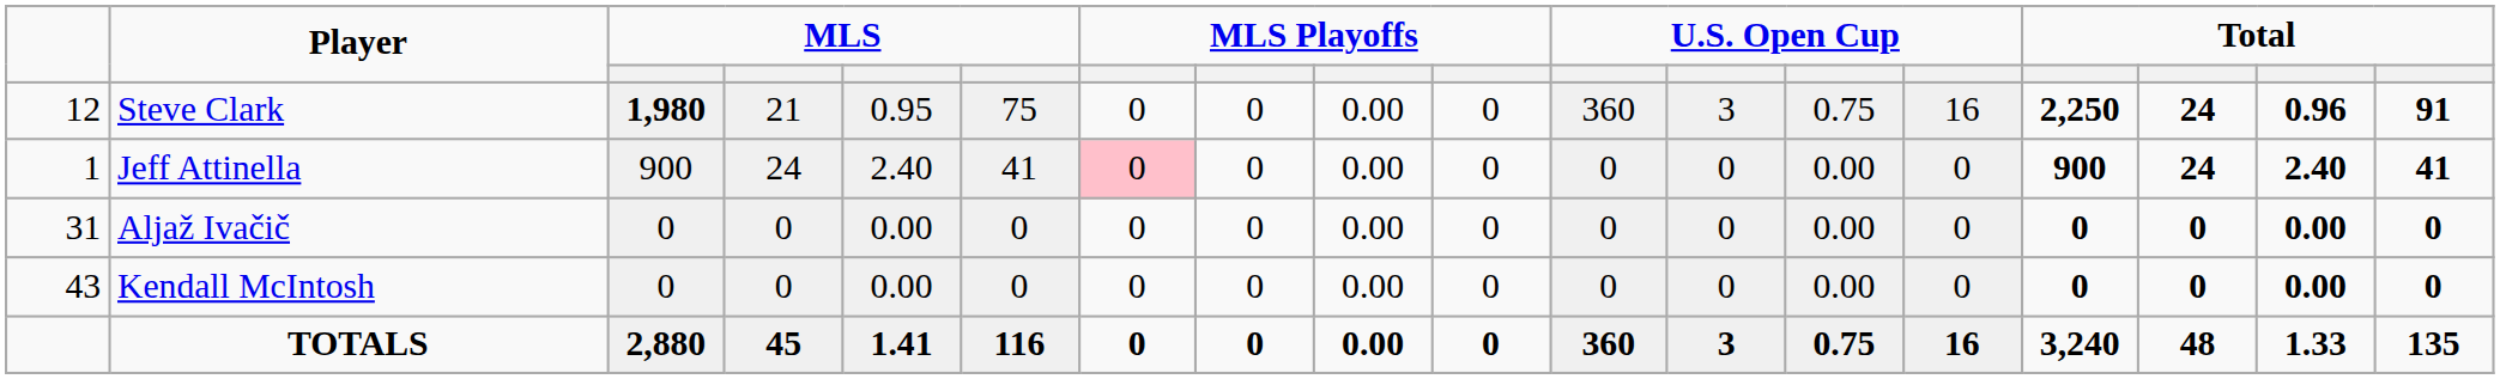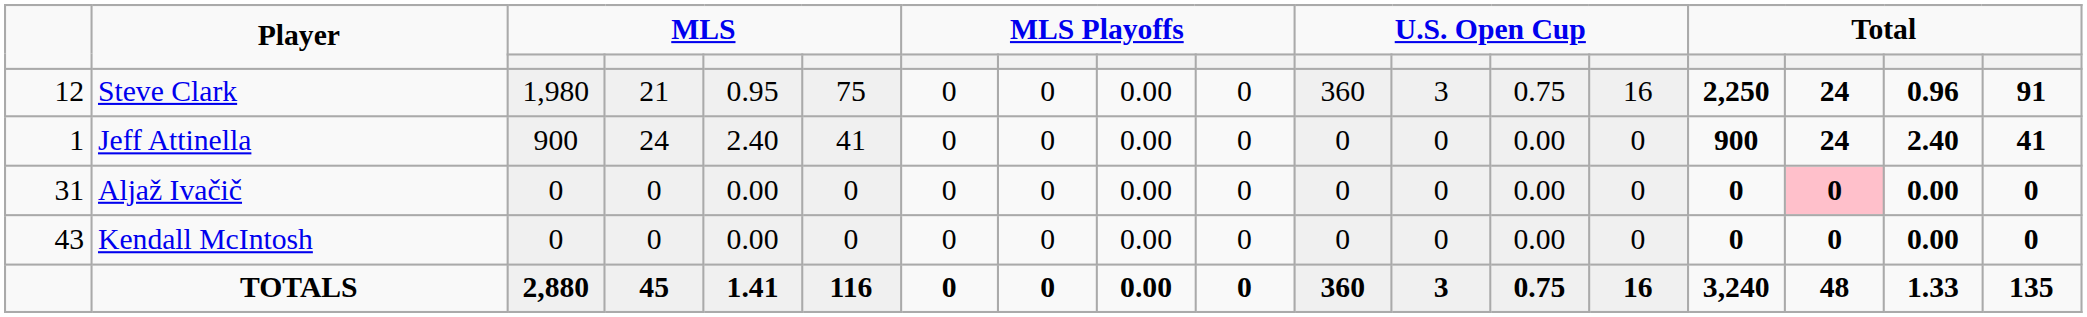 <table class="wikitable" style="font-size: 90%; text-align: center;">
 <tr>
 <td rowspan="2" style="width:35px; text-align:center;"><strong></strong></td>
 <td rowspan="2" style="width:195px; text-align:center;"><strong>Player</strong></td>
 <td colspan="4" style="text-align:center;"><strong><a href='#'>MLS</a></strong></td>
 <td colspan="4" style="text-align:center;"><strong><a href='#'>MLS Playoffs</a></strong></td>
 <td colspan="4" style="text-align:center;"><strong><a href='#'>U.S. Open Cup</a></strong></td>
 <td colspan="4" style="text-align:center;"><strong>Total</strong></td>
 </tr>
 <tr>
 <th width=41></th>
 <th width=41></th>
 <th width=41></th>
 <th width=41></th>
 <th width=41></th>
 <th width=41></th>
 <th width=41></th>
 <th width=41></th>
 <th width=41></th>
 <th width=41></th>
 <th width=41></th>
 <th width=41></th>
 <th width=41></th>
 <th width=41></th>
 <th width=41></th>
 <th width=41></th>
 </tr>
 <tr>
 <td style="text-align: right;">12</td>
 <td style="text-align: left;"> <a href='#'>Steve Clark</a></td>
-<td style="background: #F0F0F0;"><strong>1,980</strong></td>
+<td style="background: #F0F0F0;">1,980</td>
 <td style="background: #F0F0F0;">21</td>
 <td style="background: #F0F0F0;">0.95</td>
 <td style="background: #F0F0F0;">75</td>
 <td>0</td>
 <td>0</td>
 <td>0.00</td>
 <td>0</td>
 <td style="background: #F0F0F0;">360</td>
 <td style="background: #F0F0F0;">3</td>
 <td style="background: #F0F0F0;">0.75</td>
 <td style="background: #F0F0F0;">16</td>
 <td><strong>2,250</strong></td>
 <td><strong>24</strong></td>
 <td><strong>0.96</strong></td>
 <td><strong>91</strong></td>
 </tr>
 <tr>
 <td style="text-align: right;">1</td>
 <td style="text-align: left;"> <a href='#'>Jeff Attinella</a></td>
 <td style="background: #F0F0F0;">900</td>
 <td style="background: #F0F0F0;">24</td>
 <td style="background: #F0F0F0;">2.40</td>
 <td style="background: #F0F0F0;">41</td>
-<td style="background: pink;">0</td>
+<td>0</td>
 <td>0</td>
 <td>0.00</td>
 <td>0</td>
 <td style="background: #F0F0F0;">0</td>
 <td style="background: #F0F0F0;">0</td>
 <td style="background: #F0F0F0;">0.00</td>
 <td style="background: #F0F0F0;">0</td>
 <td><strong>900</strong></td>
 <td><strong>24</strong></td>
 <td><strong>2.40</strong></td>
 <td><strong>41</strong></td>
 </tr>
 <tr>
 <td style="text-align: right;">31</td>
 <td style="text-align: left;"> <a href='#'>Aljaž Ivačič</a></td>
 <td style="background: #F0F0F0;">0</td>
 <td style="background: #F0F0F0;">0</td>
 <td style="background: #F0F0F0;">0.00</td>
 <td style="background: #F0F0F0;">0</td>
 <td>0</td>
 <td>0</td>
 <td>0.00</td>
 <td>0</td>
 <td style="background: #F0F0F0;">0</td>
 <td style="background: #F0F0F0;">0</td>
 <td style="background: #F0F0F0;">0.00</td>
 <td style="background: #F0F0F0;">0</td>
 <td><strong>0</strong></td>
-<td><strong>0</strong></td>
+<td style="background: pink;"><strong>0</strong></td>
 <td><strong>0.00</strong></td>
 <td><strong>0</strong></td>
 </tr>
 <tr>
 <td style="text-align: right;">43</td>
 <td style="text-align: left;"> <a href='#'>Kendall McIntosh</a></td>
 <td style="background: #F0F0F0;">0</td>
 <td style="background: #F0F0F0;">0</td>
 <td style="background: #F0F0F0;">0.00</td>
 <td style="background: #F0F0F0;">0</td>
 <td>0</td>
 <td>0</td>
 <td>0.00</td>
 <td>0</td>
 <td style="background: #F0F0F0;">0</td>
 <td style="background: #F0F0F0;">0</td>
 <td style="background: #F0F0F0;">0.00</td>
 <td style="background: #F0F0F0;">0</td>
 <td><strong>0</strong></td>
 <td><strong>0</strong></td>
 <td><strong>0.00</strong></td>
 <td><strong>0</strong></td>
 </tr>
 <tr>
 <td></td>
 <td><strong>TOTALS</strong></td>
 <td style="background: #F0F0F0;"><strong>2,880</strong></td>
 <td style="background: #F0F0F0;"><strong>45</strong></td>
 <td style="background: #F0F0F0;"><strong>1.41</strong></td>
 <td style="background: #F0F0F0;"><strong>116</strong></td>
 <td><strong>0</strong></td>
 <td><strong>0</strong></td>
 <td><strong>0.00</strong></td>
 <td><strong>0</strong></td>
 <td style="background: #F0F0F0;"><strong>360</strong></td>
 <td style="background: #F0F0F0;"><strong>3</strong></td>
 <td style="background: #F0F0F0;"><strong>0.75</strong></td>
 <td style="background: #F0F0F0;"><strong>16</strong></td>
 <td><strong>3,240</strong></td>
 <td><strong>48</strong></td>
 <td><strong>1.33</strong></td>
 <td><strong>135</strong></td>
 </tr>
 </table>
